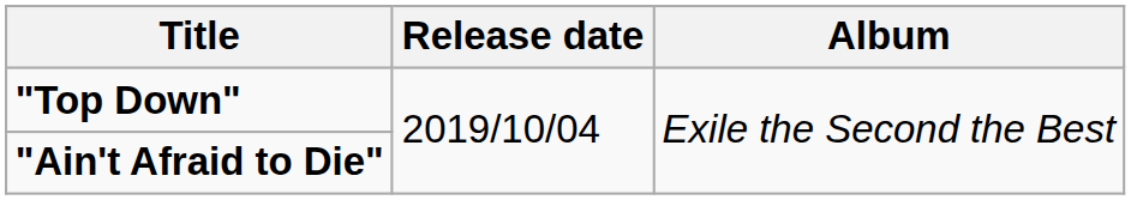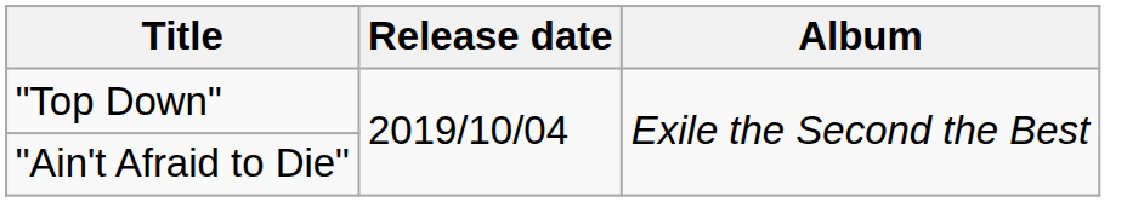 <table class="wikitable">
 <tr>
 <th>Title</th>
 <th>Release date</th>
 <th>Album</th>
 </tr>
 <tr>
-<td><strong>"Top Down"</strong></td>
+<td>"Top Down"</td>
 <td rowspan="2">2019/10/04</td>
 <td rowspan="2"><em>Exile the Second the Best</em></td>
 </tr>
 <tr>
-<td><strong>"Ain't Afraid to Die"</strong></td>
+<td>"Ain't Afraid to Die"</td>
 </tr>
 </table>
